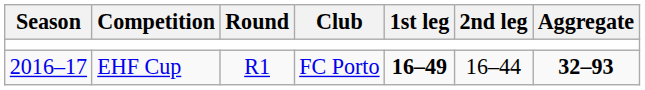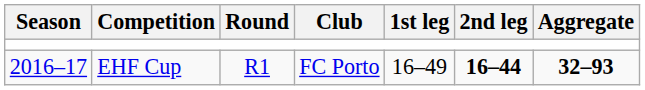 <table class="wikitable">
 <tr>
 <th>Season</th>
 <th>Competition</th>
 <th>Round</th>
 <th>Club</th>
 <th>1st leg</th>
 <th>2nd leg</th>
 <th>Aggregate</th>
 </tr>
 <tr>
 <td colspan="7" bgcolor=white></td>
 </tr>
 <tr>
 <td><a href='#'>2016–17</a></td>
 <td><a href='#'>EHF Cup</a></td>
 <td style="text-align:center;"><a href='#'>R1</a></td>
 <td> <a href='#'>FC Porto</a></td>
-<td style="text-align:center;"><strong>16–49</strong></td>
-<td style="text-align:center;">16–44</td>
+<td style="text-align:center;">16–49</td>
+<td style="text-align:center;"><strong>16–44</strong></td>
 <td style="text-align:center;"><strong>32–93</strong></td>
 </tr>
 </table>
